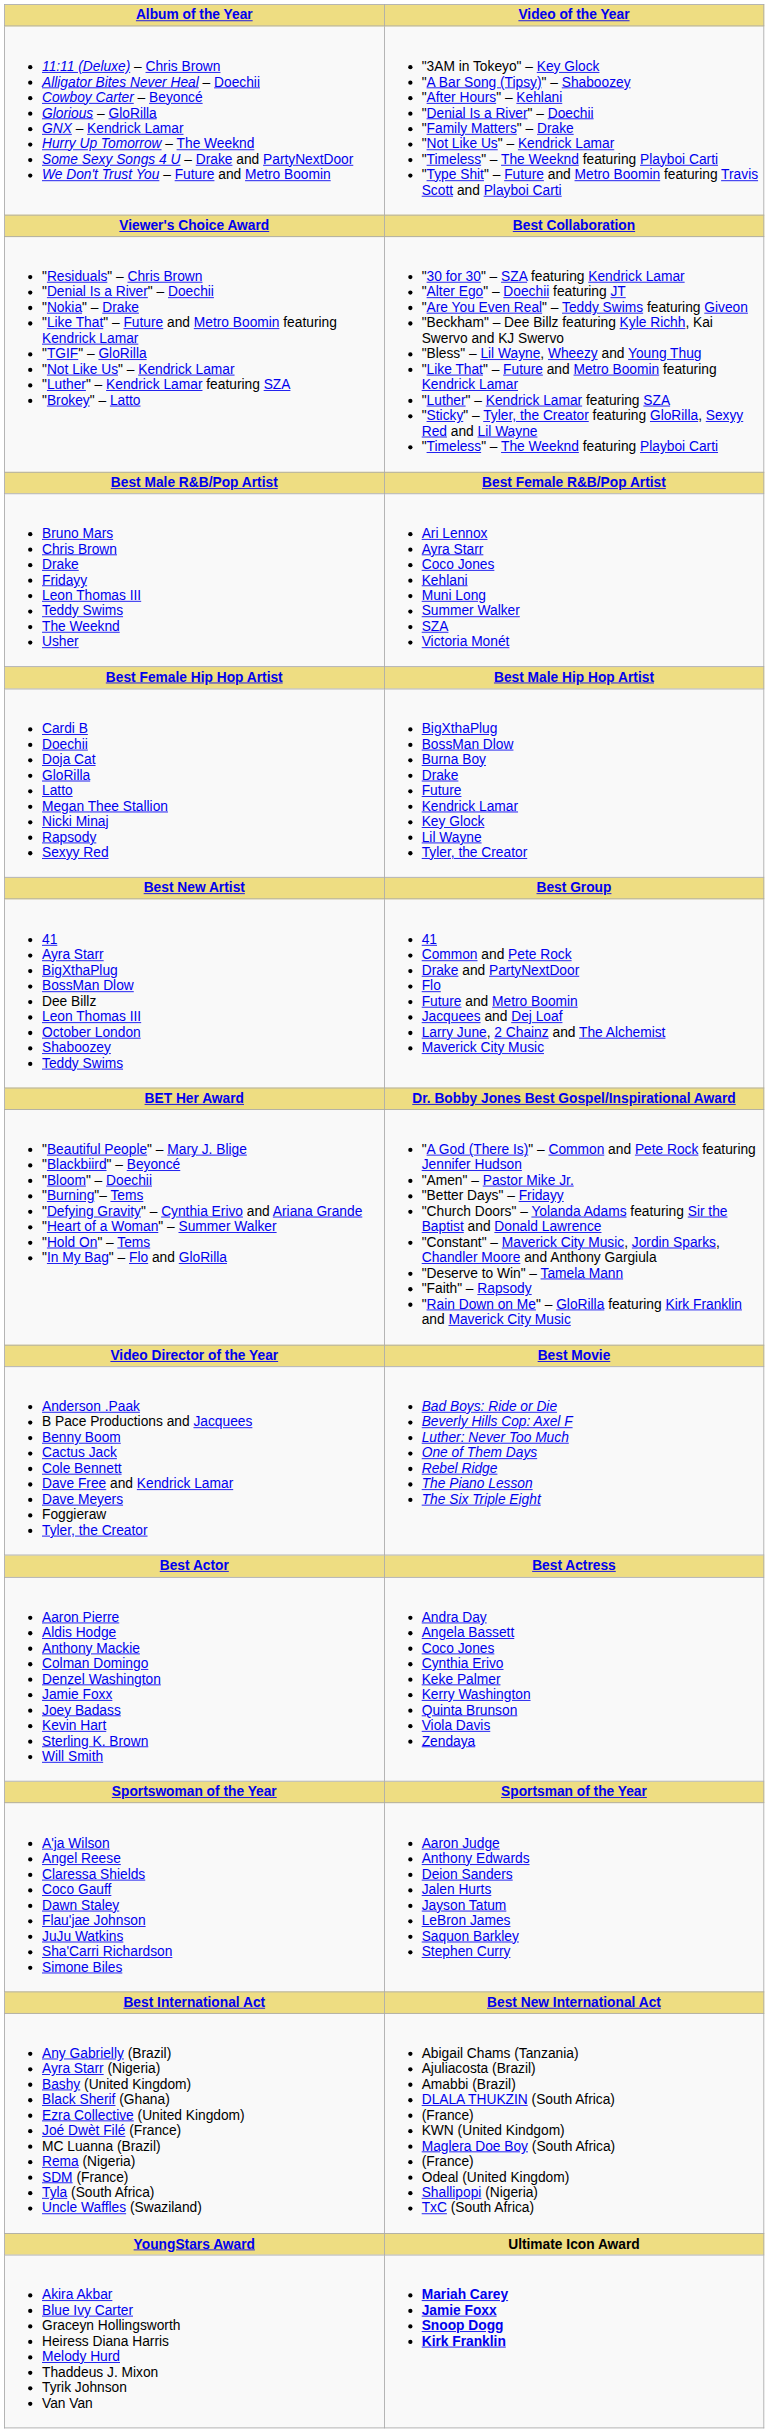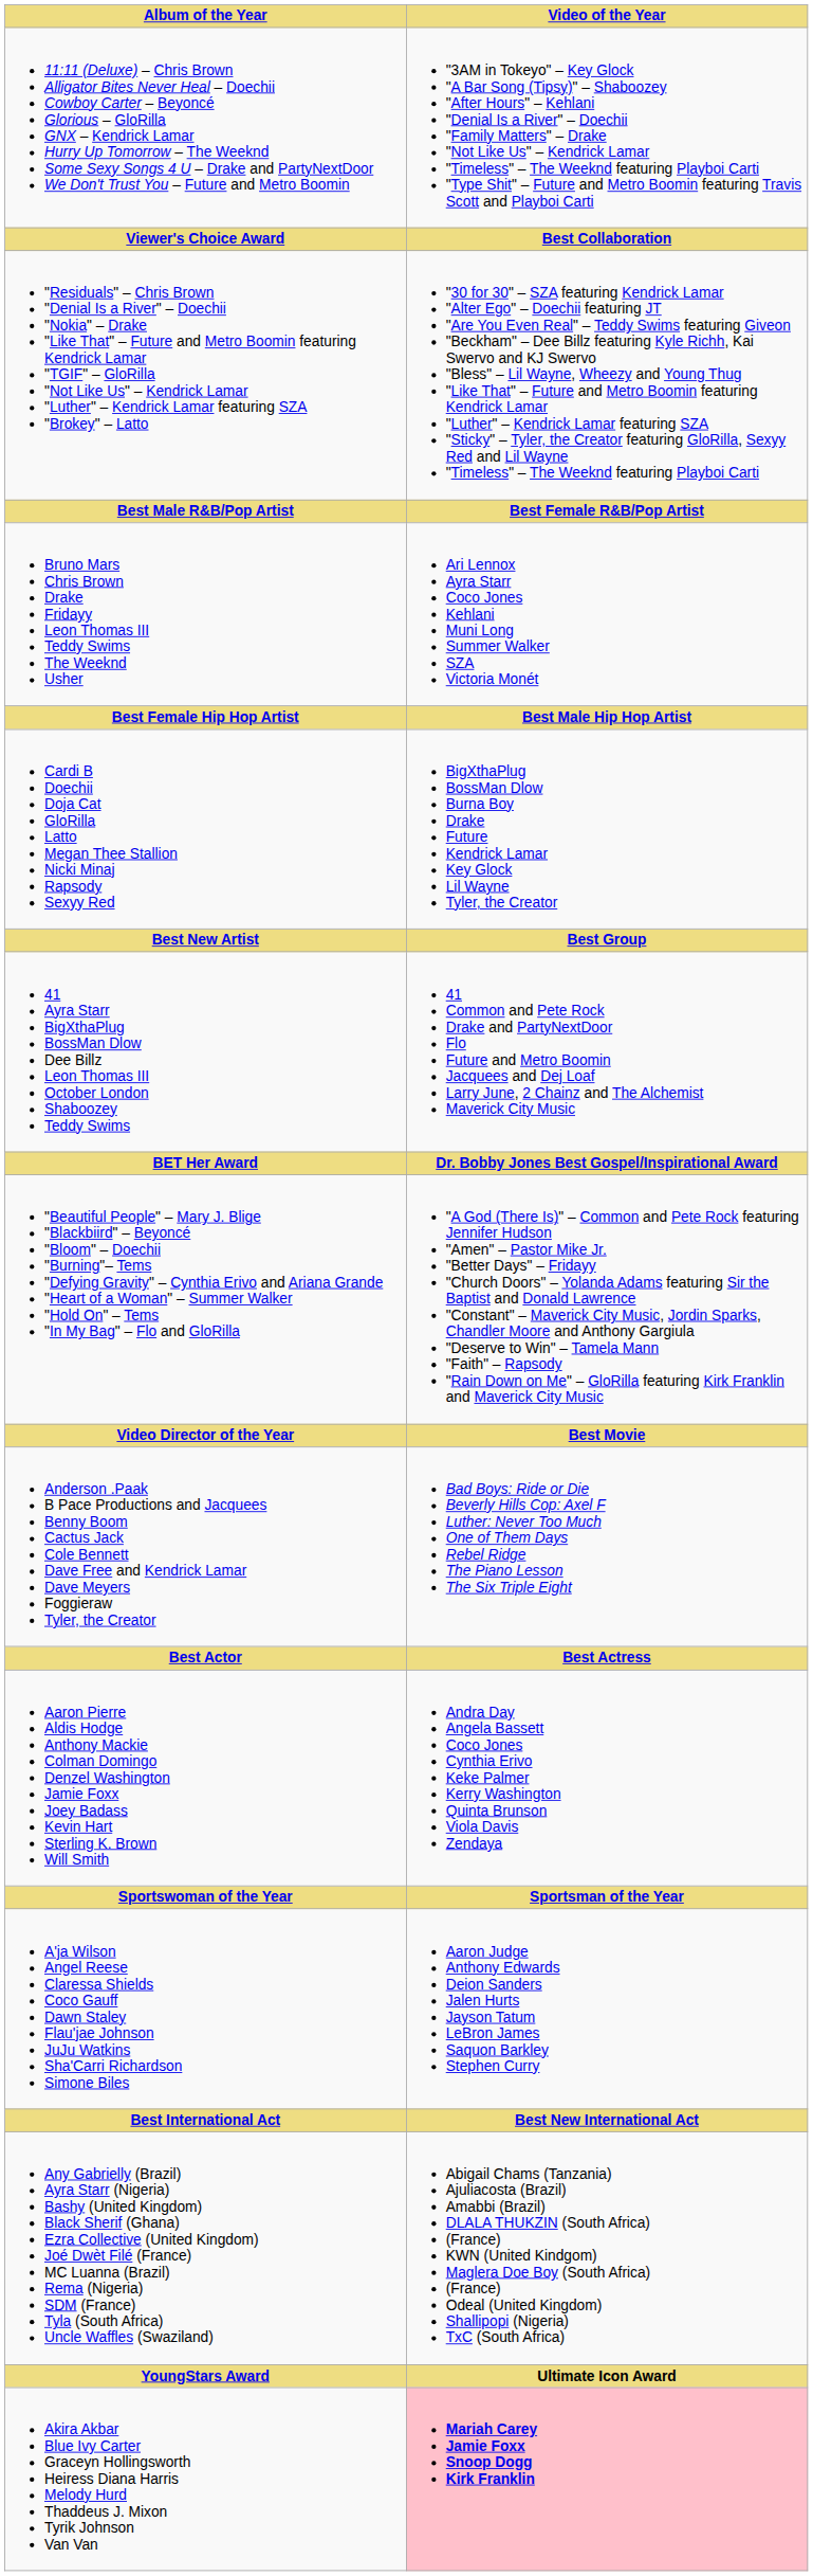 <table class=wikitable width="100%">
 <tr>
 <th style="background:#EEDD82;"! width="50%"><a href='#'>Album of the Year</a></th>
 <th style="background:#EEDD82;"! width="50%"><a href='#'>Video of the Year</a></th>
 </tr>
 <tr>
 <td valign="top"><br><ul><li><em><a href='#'>11:11 (Deluxe)</a></em> – <a href='#'>Chris Brown</a></li><li><em><a href='#'>Alligator Bites Never Heal</a></em> – <a href='#'>Doechii</a></li><li><em><a href='#'>Cowboy Carter</a></em> – <a href='#'>Beyoncé</a></li><li><em><a href='#'>Glorious</a></em> – <a href='#'>GloRilla</a></li><li><em><a href='#'>GNX</a></em> – <a href='#'>Kendrick Lamar</a></li><li><em><a href='#'>Hurry Up Tomorrow</a></em> – <a href='#'>The Weeknd</a></li><li><em><a href='#'>Some Sexy Songs 4 U</a></em> – <a href='#'>Drake</a> and <a href='#'>PartyNextDoor</a></li><li><em><a href='#'>We Don't Trust You</a></em> – <a href='#'>Future</a> and <a href='#'>Metro Boomin</a></li></ul></td>
 <td valign="top"><br><ul><li>"3AM in Tokeyo" – <a href='#'>Key Glock</a></li><li>"<a href='#'>A Bar Song (Tipsy)</a>" – <a href='#'>Shaboozey</a></li><li>"<a href='#'>After Hours</a>" – <a href='#'>Kehlani</a></li><li>"<a href='#'>Denial Is a River</a>" – <a href='#'>Doechii</a></li><li>"<a href='#'>Family Matters</a>" – <a href='#'>Drake</a></li><li>"<a href='#'>Not Like Us</a>" – <a href='#'>Kendrick Lamar</a></li><li>"<a href='#'>Timeless</a>" – <a href='#'>The Weeknd</a> featuring <a href='#'>Playboi Carti</a></li><li>"<a href='#'>Type Shit</a>" – <a href='#'>Future</a> and <a href='#'>Metro Boomin</a> featuring <a href='#'>Travis Scott</a> and <a href='#'>Playboi Carti</a></li></ul></td>
 </tr>
 <tr>
 <th style="background:#EEDD82;"! width="50%"><a href='#'>Viewer's Choice Award</a></th>
 <th style="background:#EEDD82;"! width="50%"><a href='#'>Best Collaboration</a></th>
 </tr>
 <tr>
 <td valign="top"><br><ul><li>"<a href='#'>Residuals</a>" – <a href='#'>Chris Brown</a></li><li>"<a href='#'>Denial Is a River</a>" – <a href='#'>Doechii</a></li><li>"<a href='#'>Nokia</a>" – <a href='#'>Drake</a></li><li>"<a href='#'>Like That</a>" – <a href='#'>Future</a> and <a href='#'>Metro Boomin</a> featuring <a href='#'>Kendrick Lamar</a></li><li>"<a href='#'>TGIF</a>" – <a href='#'>GloRilla</a></li><li>"<a href='#'>Not Like Us</a>" – <a href='#'>Kendrick Lamar</a></li><li>"<a href='#'>Luther</a>" – <a href='#'>Kendrick Lamar</a> featuring <a href='#'>SZA</a></li><li>"<a href='#'>Brokey</a>" – <a href='#'>Latto</a></li></ul></td>
 <td><br><ul><li>"<a href='#'>30 for 30</a>" – <a href='#'>SZA</a> featuring <a href='#'>Kendrick Lamar</a></li><li>"<a href='#'>Alter Ego</a>" – <a href='#'>Doechii</a> featuring <a href='#'>JT</a></li><li>"<a href='#'>Are You Even Real</a>" – <a href='#'>Teddy Swims</a> featuring <a href='#'>Giveon</a></li><li>"Beckham" – Dee Billz featuring <a href='#'>Kyle Richh</a>, Kai Swervo and KJ Swervo</li><li>"Bless" – <a href='#'>Lil Wayne</a>, <a href='#'>Wheezy</a> and <a href='#'>Young Thug</a></li><li>"<a href='#'>Like That</a>" – <a href='#'>Future</a> and <a href='#'>Metro Boomin</a> featuring <a href='#'>Kendrick Lamar</a></li><li>"<a href='#'>Luther</a>" – <a href='#'>Kendrick Lamar</a> featuring <a href='#'>SZA</a></li><li>"<a href='#'>Sticky</a>" – <a href='#'>Tyler, the Creator</a> featuring <a href='#'>GloRilla</a>, <a href='#'>Sexyy Red</a> and <a href='#'>Lil Wayne</a></li><li>"<a href='#'>Timeless</a>" – <a href='#'>The Weeknd</a> featuring <a href='#'>Playboi Carti</a></li></ul></td>
 </tr>
 <tr>
 <th style="background:#EEDD82;"! width="50%"><a href='#'>Best Male R&B/Pop Artist</a></th>
 <th style="background:#EEDD82;"! width="50%"><a href='#'>Best Female R&B/Pop Artist</a></th>
 </tr>
 <tr>
 <td valign="top"><br><ul><li><a href='#'>Bruno Mars</a></li><li><a href='#'>Chris Brown</a></li><li><a href='#'>Drake</a></li><li><a href='#'>Fridayy</a></li><li><a href='#'>Leon Thomas III</a></li><li><a href='#'>Teddy Swims</a></li><li><a href='#'>The Weeknd</a></li><li><a href='#'>Usher</a></li></ul></td>
 <td valign="top"><br><ul><li><a href='#'>Ari Lennox</a></li><li><a href='#'>Ayra Starr</a></li><li><a href='#'>Coco Jones</a></li><li><a href='#'>Kehlani</a></li><li><a href='#'>Muni Long</a></li><li><a href='#'>Summer Walker</a></li><li><a href='#'>SZA</a></li><li><a href='#'>Victoria Monét</a></li></ul></td>
 </tr>
 <tr>
 <th style="background:#EEDD82;"! width="50%"><a href='#'>Best Female Hip Hop Artist</a></th>
 <th style="background:#EEDD82;"! width="50%"><a href='#'>Best Male Hip Hop Artist</a></th>
 </tr>
 <tr>
 <td valign="top"><br><ul><li><a href='#'>Cardi B</a></li><li><a href='#'>Doechii</a></li><li><a href='#'>Doja Cat</a></li><li><a href='#'>GloRilla</a></li><li><a href='#'>Latto</a></li><li><a href='#'>Megan Thee Stallion</a></li><li><a href='#'>Nicki Minaj</a></li><li><a href='#'>Rapsody</a></li><li><a href='#'>Sexyy Red</a></li></ul></td>
 <td valign="top"><br><ul><li><a href='#'>BigXthaPlug</a></li><li><a href='#'>BossMan Dlow</a></li><li><a href='#'>Burna Boy</a></li><li><a href='#'>Drake</a></li><li><a href='#'>Future</a></li><li><a href='#'>Kendrick Lamar</a></li><li><a href='#'>Key Glock</a></li><li><a href='#'>Lil Wayne</a></li><li><a href='#'>Tyler, the Creator</a></li></ul></td>
 </tr>
 <tr>
 <th style="background:#EEDD82;"! width="50%"><a href='#'>Best New Artist</a></th>
 <th style="background:#EEDD82;"! width="50%"><a href='#'>Best Group</a></th>
 </tr>
 <tr>
 <td valign="top"><br><ul><li><a href='#'>41</a></li><li><a href='#'>Ayra Starr</a></li><li><a href='#'>BigXthaPlug</a></li><li><a href='#'>BossMan Dlow</a></li><li>Dee Billz</li><li><a href='#'>Leon Thomas III</a></li><li><a href='#'>October London</a></li><li><a href='#'>Shaboozey</a></li><li><a href='#'>Teddy Swims</a></li></ul></td>
 <td valign="top"><br><ul><li><a href='#'>41</a></li><li><a href='#'>Common</a> and <a href='#'>Pete Rock</a></li><li><a href='#'>Drake</a> and <a href='#'>PartyNextDoor</a></li><li><a href='#'>Flo</a></li><li><a href='#'>Future</a> and <a href='#'>Metro Boomin</a></li><li><a href='#'>Jacquees</a> and <a href='#'>Dej Loaf</a></li><li><a href='#'>Larry June</a>, <a href='#'>2 Chainz</a> and <a href='#'>The Alchemist</a></li><li><a href='#'>Maverick City Music</a></li></ul></td>
 </tr>
 <tr>
 <th style="background:#EEDD82;"! width="50%"><a href='#'>BET Her Award</a></th>
 <th style="background:#EEDD82;"! width="50%"><a href='#'>Dr. Bobby Jones Best Gospel/Inspirational Award</a></th>
 </tr>
 <tr>
 <td valign="top"><br><ul><li>"<a href='#'>Beautiful People</a>" – <a href='#'>Mary J. Blige</a></li><li>"<a href='#'>Blackbiird</a>" – <a href='#'>Beyoncé</a></li><li>"<a href='#'>Bloom</a>" – <a href='#'>Doechii</a></li><li>"<a href='#'>Burning</a>"– <a href='#'>Tems</a></li><li>"<a href='#'>Defying Gravity</a>" – <a href='#'>Cynthia Erivo</a> and <a href='#'>Ariana Grande</a></li><li>"<a href='#'>Heart of a Woman</a>" – <a href='#'>Summer Walker</a></li><li>"<a href='#'>Hold On</a>" – <a href='#'>Tems</a></li><li>"<a href='#'>In My Bag</a>" – <a href='#'>Flo</a> and <a href='#'>GloRilla</a></li></ul></td>
 <td valign="top"><br><ul><li>"<a href='#'>A God (There Is)</a>" – <a href='#'>Common</a> and <a href='#'>Pete Rock</a> featuring <a href='#'>Jennifer Hudson</a></li><li>"Amen" – <a href='#'>Pastor Mike Jr.</a></li><li>"Better Days" – <a href='#'>Fridayy</a></li><li>"Church Doors" – <a href='#'>Yolanda Adams</a> featuring <a href='#'>Sir the Baptist</a> and <a href='#'>Donald Lawrence</a></li><li>"Constant" – <a href='#'>Maverick City Music</a>, <a href='#'>Jordin Sparks</a>, <a href='#'>Chandler Moore</a> and Anthony Gargiula</li><li>"Deserve to Win" – <a href='#'>Tamela Mann</a></li><li>"Faith" – <a href='#'>Rapsody</a></li><li>"<a href='#'>Rain Down on Me</a>" – <a href='#'>GloRilla</a> featuring <a href='#'>Kirk Franklin</a> and <a href='#'>Maverick City Music</a></li></ul></td>
 </tr>
 <tr>
 <th style="background:#EEDD82;"! width="50%"><a href='#'>Video Director of the Year</a></th>
 <th style="background:#EEDD82;"! width="50%"><a href='#'>Best Movie</a></th>
 </tr>
 <tr>
 <td valign="top"><br><ul><li><a href='#'>Anderson .Paak</a></li><li>B Pace Productions and <a href='#'>Jacquees</a></li><li><a href='#'>Benny Boom</a></li><li><a href='#'>Cactus Jack</a></li><li><a href='#'>Cole Bennett</a></li><li><a href='#'>Dave Free</a> and <a href='#'>Kendrick Lamar</a></li><li><a href='#'>Dave Meyers</a></li><li>Foggieraw</li><li><a href='#'>Tyler, the Creator</a></li></ul></td>
 <td valign="top"><br><ul><li><em><a href='#'>Bad Boys: Ride or Die</a></em></li><li><em><a href='#'>Beverly Hills Cop: Axel F</a></em></li><li><em><a href='#'>Luther: Never Too Much</a></em></li><li><em><a href='#'>One of Them Days</a></em></li><li><em><a href='#'>Rebel Ridge</a></em></li><li><em><a href='#'>The Piano Lesson</a></em></li><li><em><a href='#'>The Six Triple Eight</a></em></li></ul></td>
 </tr>
 <tr>
 <th style="background:#EEDD82;"! width="50%"><a href='#'>Best Actor</a></th>
 <th style="background:#EEDD82;"! width="50%"><a href='#'>Best Actress</a></th>
 </tr>
 <tr>
 <td valign="top"><br><ul><li><a href='#'>Aaron Pierre</a></li><li><a href='#'>Aldis Hodge</a></li><li><a href='#'>Anthony Mackie</a></li><li><a href='#'>Colman Domingo</a></li><li><a href='#'>Denzel Washington</a></li><li><a href='#'>Jamie Foxx</a></li><li><a href='#'>Joey Badass</a></li><li><a href='#'>Kevin Hart</a></li><li><a href='#'>Sterling K. Brown</a></li><li><a href='#'>Will Smith</a></li></ul></td>
 <td valign="top"><br><ul><li><a href='#'>Andra Day</a></li><li><a href='#'>Angela Bassett</a></li><li><a href='#'>Coco Jones</a></li><li><a href='#'>Cynthia Erivo</a></li><li><a href='#'>Keke Palmer</a></li><li><a href='#'>Kerry Washington</a></li><li><a href='#'>Quinta Brunson</a></li><li><a href='#'>Viola Davis</a></li><li><a href='#'>Zendaya</a></li></ul></td>
 </tr>
 <tr>
 <th style="background:#EEDD82;"! width="50%"><a href='#'>Sportswoman of the Year</a></th>
 <th style="background:#EEDD82;"! width="50%"><a href='#'>Sportsman of the Year</a></th>
 </tr>
 <tr>
 <td valign="top"><br><ul><li><a href='#'>A'ja Wilson</a></li><li><a href='#'>Angel Reese</a></li><li><a href='#'>Claressa Shields</a></li><li><a href='#'>Coco Gauff</a></li><li><a href='#'>Dawn Staley</a></li><li><a href='#'>Flau'jae Johnson</a></li><li><a href='#'>JuJu Watkins</a></li><li><a href='#'>Sha'Carri Richardson</a></li><li><a href='#'>Simone Biles</a></li></ul></td>
 <td valign="top"><br><ul><li><a href='#'>Aaron Judge</a></li><li><a href='#'>Anthony Edwards</a></li><li><a href='#'>Deion Sanders</a></li><li><a href='#'>Jalen Hurts</a></li><li><a href='#'>Jayson Tatum</a></li><li><a href='#'>LeBron James</a></li><li><a href='#'>Saquon Barkley</a></li><li><a href='#'>Stephen Curry</a></li></ul></td>
 </tr>
 <tr>
 <th style="background:#EEDD82;"! width="50%"><a href='#'>Best International Act</a></th>
 <th style="background:#EEDD82;"! width="50%"><a href='#'>Best New International Act</a></th>
 </tr>
 <tr>
 <td valign="top"><br><ul><li><a href='#'>Any Gabrielly</a> (Brazil)</li><li><a href='#'>Ayra Starr</a> (Nigeria)</li><li><a href='#'>Bashy</a> (United Kingdom)</li><li><a href='#'>Black Sherif</a> (Ghana)</li><li><a href='#'>Ezra Collective</a> (United Kingdom)</li><li><a href='#'>Joé Dwèt Filé</a> (France)</li><li>MC Luanna (Brazil)</li><li><a href='#'>Rema</a> (Nigeria)</li><li><a href='#'>SDM</a> (France)</li><li><a href='#'>Tyla</a> (South Africa)</li><li><a href='#'>Uncle Waffles</a> (Swaziland)</li></ul></td>
 <td valign="top"><br><ul><li>Abigail Chams (Tanzania)</li><li>Ajuliacosta (Brazil)</li><li>Amabbi (Brazil)</li><li><a href='#'>DLALA THUKZIN</a> (South Africa)</li><li> (France)</li><li>KWN (United Kindgom)</li><li><a href='#'>Maglera Doe Boy</a> (South Africa)</li><li> (France)</li><li>Odeal (United Kingdom)</li><li><a href='#'>Shallipopi</a> (Nigeria)</li><li><a href='#'>TxC</a> (South Africa)</li></ul></td>
 </tr>
 <tr>
 <th style="background:#EEDD82;"! width="50%"><a href='#'>YoungStars Award</a></th>
 <th style="background:#EEDD82;"!  width="50%">Ultimate Icon Award</th>
 </tr>
 <tr>
 <td valign="top"><br><ul><li><a href='#'>Akira Akbar</a></li><li><a href='#'>Blue Ivy Carter</a></li><li>Graceyn Hollingsworth</li><li>Heiress Diana Harris</li><li><a href='#'>Melody Hurd</a></li><li>Thaddeus J. Mixon</li><li>Tyrik Johnson</li><li>Van Van</li></ul></td>
-<td valign="top"><br><ul><li><strong><a href='#'>Mariah Carey</a></strong></li><li><strong><a href='#'>Jamie Foxx</a></strong></li><li><strong><a href='#'>Snoop Dogg</a></strong></li><li><strong><a href='#'>Kirk Franklin</a></strong></li></ul></td>
+<td valign="top" style="background: pink;"><br><ul><li><strong><a href='#'>Mariah Carey</a></strong></li><li><strong><a href='#'>Jamie Foxx</a></strong></li><li><strong><a href='#'>Snoop Dogg</a></strong></li><li><strong><a href='#'>Kirk Franklin</a></strong></li></ul></td>
 </tr>
 </table>
